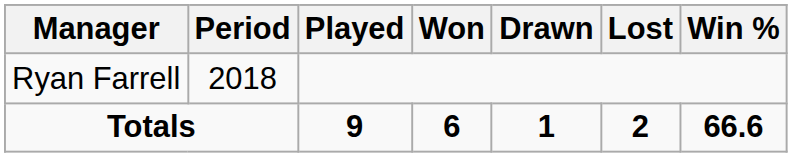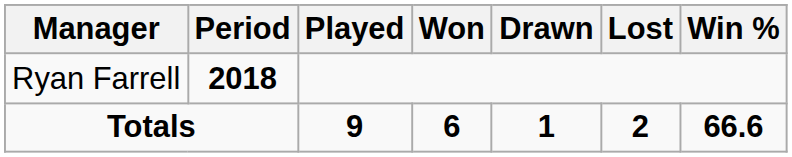 <table class="wikitable sortable" style="text-align:center;">
 <tr>
 <th>Manager</th>
 <th>Period</th>
 <th>Played</th>
 <th>Won</th>
 <th>Drawn</th>
 <th>Lost</th>
 <th>Win %</th>
 </tr>
 <tr>
 <td style="text-align: left;"> Ryan Farrell</td>
-<td>2018<br></td>
+<td><strong>2018<br></strong></td>
 </tr>
 <tr>
 <td colspan="2"><strong>Totals</strong></td>
 <td><strong>9</strong></td>
 <td><strong>6</strong></td>
 <td><strong>1</strong></td>
 <td><strong>2</strong></td>
 <td><strong>66.6</strong></td>
 </tr>
 </table>
